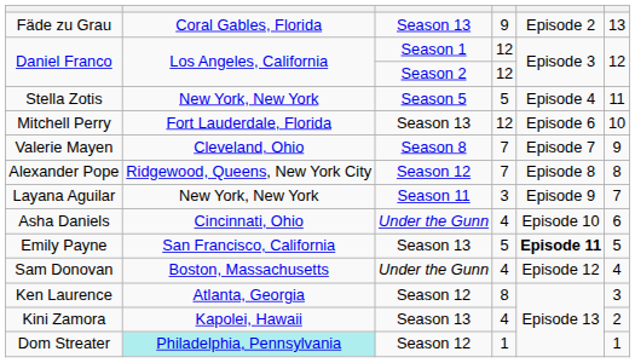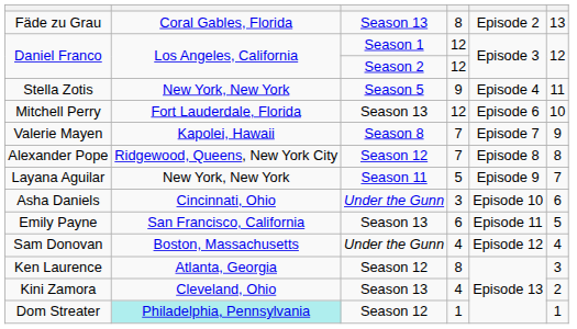 <table class="wikitable sortable" style="text-align:center;">
 <tr>
 <th></th>
 <th></th>
 <th></th>
 <th></th>
 <th></th>
 <th></th>
 </tr>
 <tr>
 <td>Fäde zu Grau</td>
 <td><a href='#'>Coral Gables, Florida</a></td>
 <td><a href='#'>Season 13</a></td>
-<td>9</td>
+<td>8</td>
 <td>Episode 2</td>
 <td>13</td>
 </tr>
 <tr>
 <td rowspan="2"><a href='#'>Daniel Franco</a></td>
 <td rowspan="2"><a href='#'>Los Angeles, California</a></td>
 <td><a href='#'>Season 1</a></td>
 <td>12</td>
 <td rowspan="2">Episode 3</td>
 <td rowspan="2">12</td>
 </tr>
 <tr>
 <td><a href='#'>Season 2</a></td>
 <td>12</td>
 </tr>
 <tr>
 <td>Stella Zotis</td>
 <td><a href='#'>New York, New York</a></td>
 <td><a href='#'>Season 5</a></td>
-<td>5</td>
+<td>9</td>
 <td>Episode 4</td>
 <td>11</td>
 </tr>
 <tr>
 <td>Mitchell Perry</td>
 <td><a href='#'>Fort Lauderdale, Florida</a></td>
 <td>Season 13</td>
 <td>12</td>
 <td>Episode 6</td>
 <td>10</td>
 </tr>
 <tr>
 <td>Valerie Mayen</td>
-<td><a href='#'>Cleveland, Ohio</a></td>
+<td><a href='#'>Kapolei, Hawaii</a></td>
 <td><a href='#'>Season 8</a></td>
 <td>7</td>
 <td>Episode 7</td>
 <td>9</td>
 </tr>
 <tr>
 <td>Alexander Pope</td>
 <td><a href='#'>Ridgewood, Queens</a>, New York City</td>
 <td><a href='#'>Season 12</a></td>
 <td>7</td>
 <td>Episode 8</td>
 <td>8</td>
 </tr>
 <tr>
 <td>Layana Aguilar</td>
 <td>New York, New York</td>
 <td><a href='#'>Season 11</a></td>
-<td>3</td>
+<td>5</td>
 <td>Episode 9</td>
 <td>7</td>
 </tr>
 <tr>
 <td>Asha Daniels</td>
 <td><a href='#'>Cincinnati, Ohio</a></td>
 <td><em><a href='#'>Under the Gunn</a></em></td>
-<td>4</td>
+<td>3</td>
 <td>Episode 10</td>
 <td>6</td>
 </tr>
 <tr>
 <td>Emily Payne</td>
 <td><a href='#'>San Francisco, California</a></td>
 <td>Season 13</td>
-<td>5</td>
-<td><strong>Episode 11</strong></td>
+<td>6</td>
+<td>Episode 11</td>
 <td>5</td>
 </tr>
 <tr>
 <td>Sam Donovan</td>
 <td><a href='#'>Boston, Massachusetts</a></td>
 <td><em>Under the Gunn</em></td>
 <td>4</td>
 <td>Episode 12</td>
 <td>4</td>
 </tr>
 <tr>
 <td>Ken Laurence</td>
 <td><a href='#'>Atlanta, Georgia</a></td>
 <td>Season 12</td>
 <td>8</td>
 <td rowspan="3">Episode 13</td>
 <td>3</td>
 </tr>
 <tr>
 <td>Kini Zamora</td>
-<td><a href='#'>Kapolei, Hawaii</a></td>
+<td><a href='#'>Cleveland, Ohio</a></td>
 <td>Season 13</td>
 <td>4</td>
 <td>2</td>
 </tr>
 <tr>
 <td>Dom Streater</td>
 <td style="background: paleturquoise;"><a href='#'>Philadelphia, Pennsylvania</a></td>
 <td>Season 12</td>
 <td>1</td>
 <td>1</td>
 </tr>
 </table>
